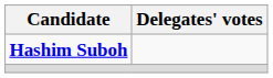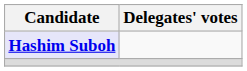 <table class="wikitable" style="text-align:center">
 <tr>
 <th>Candidate</th>
 <th>Delegates' votes</th>
 </tr>
 <tr>
-<td align="left"><strong><a href='#'>Hashim Suboh</a></strong></td>
+<td align="left" style="background: lavender;"><strong><a href='#'>Hashim Suboh</a></strong></td>
 <td colspan="1"></td>
 </tr>
 <tr>
 <td colspan="3" bgcolor="dcdcdc"></td>
 </tr>
 </table>
